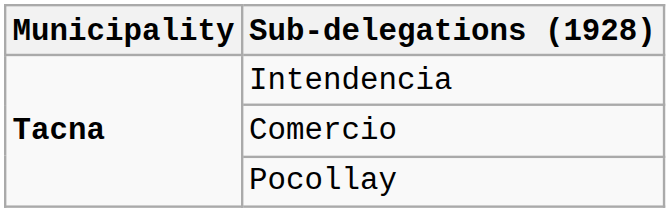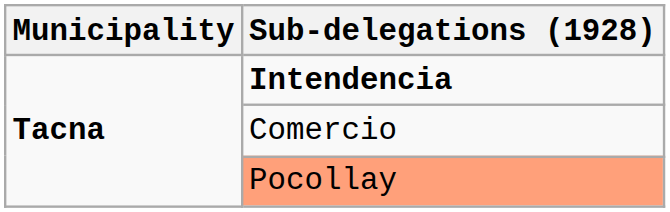 <table class="wikitable">
 <tr>
 <th>Municipality</th>
 <th>Sub-delegations (1928)</th>
 </tr>
 <tr>
 <td rowspan=3><strong>Tacna</strong></td>
-<td>Intendencia</td>
+<td><strong>Intendencia</strong></td>
 </tr>
 <tr>
 <td>Comercio</td>
 </tr>
 <tr>
-<td>Pocollay</td>
+<td style="background: lightsalmon;">Pocollay</td>
 </tr>
 </table>
